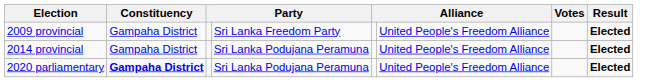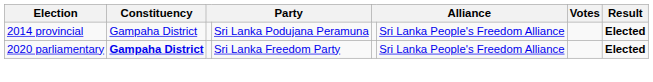 <table class="wikitable" style="text-align:left;">
 <tr>
 <th scope=col>Election</th>
 <th scope=col>Constituency</th>
 <th scope=col colspan="2">Party</th>
 <th scope=col colspan="2">Alliance</th>
 <th scope=col>Votes</th>
 <th scope=col>Result</th>
 </tr>
 <tr>
-<td><a href='#'>2009 provincial</a></td>
-<td><a href='#'>Gampaha District</a></td>
-<td style="background:"></td>
-<td><a href='#'>Sri Lanka Freedom Party</a></td>
-<td style="background:"></td>
-<td><a href='#'>United People's Freedom Alliance</a></td>
-<td align=right></td>
-<td><strong>Elected</strong></td>
-</tr>
-<tr>
 <td><a href='#'>2014 provincial</a></td>
 <td><a href='#'>Gampaha District</a></td>
 <td style="background:"></td>
 <td><a href='#'>Sri Lanka Podujana Peramuna</a></td>
 <td style="background:"></td>
-<td><a href='#'>United People's Freedom Alliance</a></td>
+<td><a href='#'>Sri Lanka People's Freedom Alliance</a></td>
 <td align=right></td>
 <td><strong>Elected</strong></td>
 </tr>
 <tr>
 <td><a href='#'>2020 parliamentary</a></td>
 <td><strong><a href='#'>Gampaha District</a></strong></td>
 <td style="background:"></td>
-<td><a href='#'>Sri Lanka Podujana Peramuna</a></td>
+<td><a href='#'>Sri Lanka Freedom Party</a></td>
 <td style="background:"></td>
-<td><a href='#'>United People's Freedom Alliance</a></td>
+<td><a href='#'>Sri Lanka People's Freedom Alliance</a></td>
 <td align=right></td>
 <td><strong>Elected</strong></td>
 </tr>
 </table>
